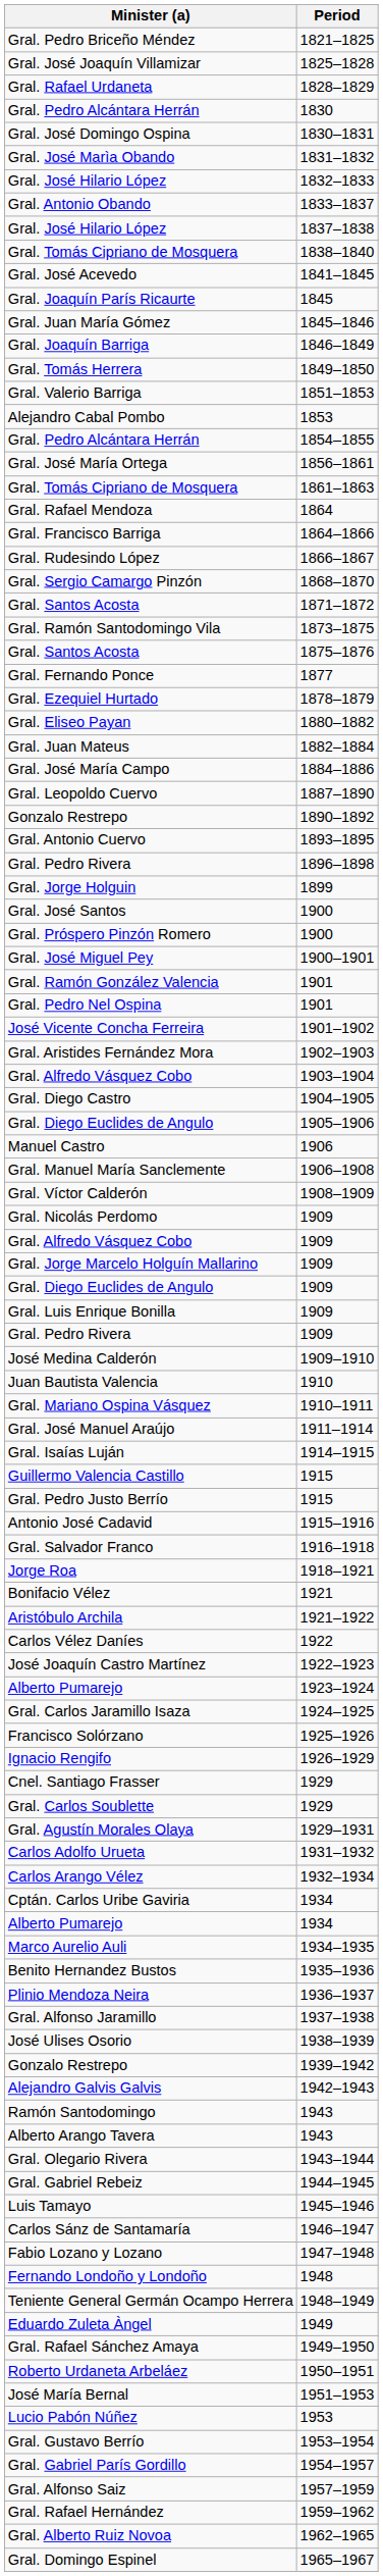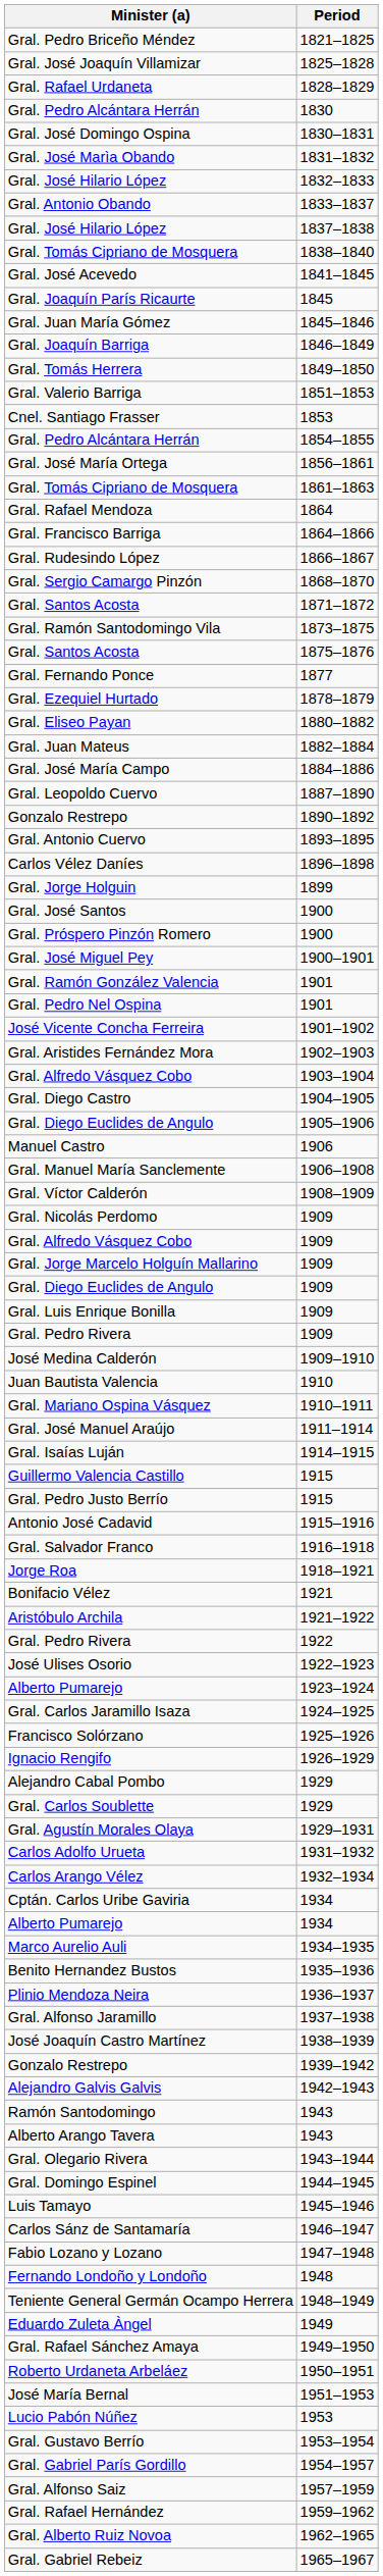 <table class="wikitable">
 <tr>
 <th>Minister (a)</th>
 <th>Period</th>
 </tr>
 <tr>
 <td>Gral. Pedro Briceño Méndez</td>
 <td>1821–1825</td>
 </tr>
 <tr>
 <td>Gral. José Joaquín Villamizar</td>
 <td>1825–1828</td>
 </tr>
 <tr>
 <td>Gral. <a href='#'>Rafael Urdaneta</a></td>
 <td>1828–1829</td>
 </tr>
 <tr>
 <td>Gral. <a href='#'>Pedro Alcántara Herrán</a></td>
 <td>1830</td>
 </tr>
 <tr>
 <td>Gral. José Domingo Ospina</td>
 <td>1830–1831</td>
 </tr>
 <tr>
 <td>Gral. <a href='#'>José Marìa Obando</a></td>
 <td>1831–1832</td>
 </tr>
 <tr>
 <td>Gral. <a href='#'>José Hilario López</a></td>
 <td>1832–1833</td>
 </tr>
 <tr>
 <td>Gral. <a href='#'>Antonio Obando</a></td>
 <td>1833–1837</td>
 </tr>
 <tr>
 <td>Gral. <a href='#'>José Hilario López</a></td>
 <td>1837–1838</td>
 </tr>
 <tr>
 <td>Gral. <a href='#'>Tomás Cipriano de Mosquera</a></td>
 <td>1838–1840</td>
 </tr>
 <tr>
 <td>Gral. José Acevedo</td>
 <td>1841–1845</td>
 </tr>
 <tr>
 <td>Gral. <a href='#'>Joaquín París Ricaurte</a></td>
 <td>1845</td>
 </tr>
 <tr>
 <td>Gral. Juan María Gómez</td>
 <td>1845–1846</td>
 </tr>
 <tr>
 <td>Gral. <a href='#'>Joaquín Barriga</a></td>
 <td>1846–1849</td>
 </tr>
 <tr>
 <td>Gral. <a href='#'>Tomás Herrera</a></td>
 <td>1849–1850</td>
 </tr>
 <tr>
 <td>Gral. Valerio Barriga</td>
 <td>1851–1853</td>
 </tr>
 <tr>
-<td>Alejandro Cabal Pombo</td>
+<td>Cnel. Santiago Frasser</td>
 <td>1853</td>
 </tr>
 <tr>
 <td>Gral. <a href='#'>Pedro Alcántara Herrán</a></td>
 <td>1854–1855</td>
 </tr>
 <tr>
 <td>Gral. José María Ortega</td>
 <td>1856–1861</td>
 </tr>
 <tr>
 <td>Gral. <a href='#'>Tomás Cipriano de Mosquera</a></td>
 <td>1861–1863</td>
 </tr>
 <tr>
 <td>Gral. Rafael Mendoza</td>
 <td>1864</td>
 </tr>
 <tr>
 <td>Gral. Francisco Barriga</td>
 <td>1864–1866</td>
 </tr>
 <tr>
 <td>Gral. Rudesindo López</td>
 <td>1866–1867</td>
 </tr>
 <tr>
 <td>Gral. <a href='#'>Sergio Camargo</a> Pinzón</td>
 <td>1868–1870</td>
 </tr>
 <tr>
 <td>Gral. <a href='#'>Santos Acosta</a></td>
 <td>1871–1872</td>
 </tr>
 <tr>
 <td>Gral. Ramón Santodomingo Vila</td>
 <td>1873–1875</td>
 </tr>
 <tr>
 <td>Gral. <a href='#'>Santos Acosta</a></td>
 <td>1875–1876</td>
 </tr>
 <tr>
 <td>Gral. Fernando Ponce</td>
 <td>1877</td>
 </tr>
 <tr>
 <td>Gral. <a href='#'>Ezequiel Hurtado</a></td>
 <td>1878–1879</td>
 </tr>
 <tr>
 <td>Gral. <a href='#'>Eliseo Payan</a></td>
 <td>1880–1882</td>
 </tr>
 <tr>
 <td>Gral. Juan Mateus</td>
 <td>1882–1884</td>
 </tr>
 <tr>
 <td>Gral. José María Campo</td>
 <td>1884–1886</td>
 </tr>
 <tr>
 <td>Gral. Leopoldo Cuervo</td>
 <td>1887–1890</td>
 </tr>
 <tr>
 <td>Gonzalo Restrepo</td>
 <td>1890–1892</td>
 </tr>
 <tr>
 <td>Gral. Antonio Cuervo</td>
 <td>1893–1895</td>
 </tr>
 <tr>
-<td>Gral. Pedro Rivera</td>
+<td>Carlos Vélez Daníes</td>
 <td>1896–1898</td>
 </tr>
 <tr>
 <td>Gral. <a href='#'>Jorge Holguin</a></td>
 <td>1899</td>
 </tr>
 <tr>
 <td>Gral. José Santos</td>
 <td>1900</td>
 </tr>
 <tr>
 <td>Gral. <a href='#'>Próspero Pinzón</a> Romero</td>
 <td>1900</td>
 </tr>
 <tr>
 <td>Gral. <a href='#'>José Miguel Pey</a></td>
 <td>1900–1901</td>
 </tr>
 <tr>
 <td>Gral. <a href='#'>Ramón González Valencia</a></td>
 <td>1901</td>
 </tr>
 <tr>
 <td>Gral. <a href='#'>Pedro Nel Ospina</a></td>
 <td>1901</td>
 </tr>
 <tr>
 <td><a href='#'>José Vicente Concha Ferreira</a></td>
 <td>1901–1902</td>
 </tr>
 <tr>
 <td>Gral. Aristides Fernández Mora</td>
 <td>1902–1903</td>
 </tr>
 <tr>
 <td>Gral. <a href='#'>Alfredo Vásquez Cobo</a></td>
 <td>1903–1904</td>
 </tr>
 <tr>
 <td>Gral. Diego Castro</td>
 <td>1904–1905</td>
 </tr>
 <tr>
 <td>Gral. <a href='#'>Diego Euclides de Angulo</a></td>
 <td>1905–1906</td>
 </tr>
 <tr>
 <td>Manuel Castro</td>
 <td>1906</td>
 </tr>
 <tr>
 <td>Gral. Manuel María Sanclemente</td>
 <td>1906–1908</td>
 </tr>
 <tr>
 <td>Gral. Víctor Calderón</td>
 <td>1908–1909</td>
 </tr>
 <tr>
 <td>Gral. Nicolás Perdomo</td>
 <td>1909</td>
 </tr>
 <tr>
 <td>Gral. <a href='#'>Alfredo Vásquez Cobo</a></td>
 <td>1909</td>
 </tr>
 <tr>
 <td>Gral. <a href='#'>Jorge Marcelo Holguín Mallarino</a></td>
 <td>1909</td>
 </tr>
 <tr>
 <td>Gral. <a href='#'>Diego Euclides de Angulo</a></td>
 <td>1909</td>
 </tr>
 <tr>
 <td>Gral. Luis Enrique Bonilla</td>
 <td>1909</td>
 </tr>
 <tr>
 <td>Gral. Pedro Rivera</td>
 <td>1909</td>
 </tr>
 <tr>
 <td>José Medina Calderón</td>
 <td>1909–1910</td>
 </tr>
 <tr>
 <td>Juan Bautista Valencia</td>
 <td>1910</td>
 </tr>
 <tr>
 <td>Gral. <a href='#'>Mariano Ospina Vásquez</a></td>
 <td>1910–1911</td>
 </tr>
 <tr>
 <td>Gral. José Manuel Araújo</td>
 <td>1911–1914</td>
 </tr>
 <tr>
 <td>Gral. Isaías Luján</td>
 <td>1914–1915</td>
 </tr>
 <tr>
 <td><a href='#'>Guillermo Valencia Castillo</a></td>
 <td>1915</td>
 </tr>
 <tr>
 <td>Gral. Pedro Justo Berrío</td>
 <td>1915</td>
 </tr>
 <tr>
 <td>Antonio José Cadavid</td>
 <td>1915–1916</td>
 </tr>
 <tr>
 <td>Gral. Salvador Franco</td>
 <td>1916–1918</td>
 </tr>
 <tr>
 <td><a href='#'>Jorge Roa</a></td>
 <td>1918–1921</td>
 </tr>
 <tr>
 <td>Bonifacio Vélez</td>
 <td>1921</td>
 </tr>
 <tr>
 <td><a href='#'>Aristóbulo Archila</a></td>
 <td>1921–1922</td>
 </tr>
 <tr>
-<td>Carlos Vélez Daníes</td>
+<td>Gral. Pedro Rivera</td>
 <td>1922</td>
 </tr>
 <tr>
-<td>José Joaquín Castro Martínez</td>
+<td>José Ulises Osorio</td>
 <td>1922–1923</td>
 </tr>
 <tr>
 <td><a href='#'>Alberto Pumarejo</a></td>
 <td>1923–1924</td>
 </tr>
 <tr>
 <td>Gral. Carlos Jaramillo Isaza</td>
 <td>1924–1925</td>
 </tr>
 <tr>
 <td>Francisco Solórzano</td>
 <td>1925–1926</td>
 </tr>
 <tr>
 <td><a href='#'>Ignacio Rengifo</a></td>
 <td>1926–1929</td>
 </tr>
 <tr>
-<td>Cnel. Santiago Frasser</td>
+<td>Alejandro Cabal Pombo</td>
 <td>1929</td>
 </tr>
 <tr>
 <td>Gral. <a href='#'>Carlos Soublette</a></td>
 <td>1929</td>
 </tr>
 <tr>
 <td>Gral. <a href='#'>Agustín Morales Olaya</a></td>
 <td>1929–1931</td>
 </tr>
 <tr>
 <td><a href='#'>Carlos Adolfo Urueta</a></td>
 <td>1931–1932</td>
 </tr>
 <tr>
 <td><a href='#'>Carlos Arango Vélez</a></td>
 <td>1932–1934</td>
 </tr>
 <tr>
 <td>Cptán. Carlos Uribe Gaviria</td>
 <td>1934</td>
 </tr>
 <tr>
 <td><a href='#'>Alberto Pumarejo</a></td>
 <td>1934</td>
 </tr>
 <tr>
 <td><a href='#'>Marco Aurelio Auli</a></td>
 <td>1934–1935</td>
 </tr>
 <tr>
 <td>Benito Hernandez Bustos</td>
 <td>1935–1936</td>
 </tr>
 <tr>
 <td><a href='#'>Plinio Mendoza Neira</a></td>
 <td>1936–1937</td>
 </tr>
 <tr>
 <td>Gral. Alfonso Jaramillo</td>
 <td>1937–1938</td>
 </tr>
 <tr>
-<td>José Ulises Osorio</td>
+<td>José Joaquín Castro Martínez</td>
 <td>1938–1939</td>
 </tr>
 <tr>
 <td>Gonzalo Restrepo</td>
 <td>1939–1942</td>
 </tr>
 <tr>
 <td><a href='#'>Alejandro Galvis Galvis</a></td>
 <td>1942–1943</td>
 </tr>
 <tr>
 <td>Ramón Santodomingo</td>
 <td>1943</td>
 </tr>
 <tr>
 <td>Alberto Arango Tavera</td>
 <td>1943</td>
 </tr>
 <tr>
 <td>Gral. Olegario Rivera</td>
 <td>1943–1944</td>
 </tr>
 <tr>
-<td>Gral. Gabriel Rebeiz</td>
+<td>Gral. Domingo Espinel</td>
 <td>1944–1945</td>
 </tr>
 <tr>
 <td>Luis Tamayo</td>
 <td>1945–1946</td>
 </tr>
 <tr>
 <td>Carlos Sánz de Santamaría</td>
 <td>1946–1947</td>
 </tr>
 <tr>
 <td>Fabio Lozano y Lozano</td>
 <td>1947–1948</td>
 </tr>
 <tr>
 <td><a href='#'>Fernando Londoño y Londoño</a></td>
 <td>1948</td>
 </tr>
 <tr>
 <td>Teniente General Germán Ocampo Herrera</td>
 <td>1948–1949</td>
 </tr>
 <tr>
 <td><a href='#'>Eduardo Zuleta Àngel</a></td>
 <td>1949</td>
 </tr>
 <tr>
 <td>Gral. Rafael Sánchez Amaya</td>
 <td>1949–1950</td>
 </tr>
 <tr>
 <td><a href='#'>Roberto Urdaneta Arbeláez</a></td>
 <td>1950–1951</td>
 </tr>
 <tr>
 <td>José María Bernal</td>
 <td>1951–1953</td>
 </tr>
 <tr>
 <td><a href='#'>Lucio Pabón Núñez</a></td>
 <td>1953</td>
 </tr>
 <tr>
 <td>Gral. Gustavo Berrío</td>
 <td>1953–1954</td>
 </tr>
 <tr>
 <td>Gral. <a href='#'>Gabriel París Gordillo</a></td>
 <td>1954–1957</td>
 </tr>
 <tr '>
 <td>Gral. Alfonso Saiz</td>
 <td>1957–1959</td>
 </tr>
 <tr>
 <td>Gral. Rafael Hernández</td>
 <td>1959–1962</td>
 </tr>
 <tr>
 <td>Gral. <a href='#'>Alberto Ruiz Novoa</a></td>
 <td>1962–1965</td>
 </tr>
 <tr>
-<td>Gral. Domingo Espinel</td>
+<td>Gral. Gabriel Rebeiz</td>
 <td>1965–1967</td>
 </tr>
 </table>
